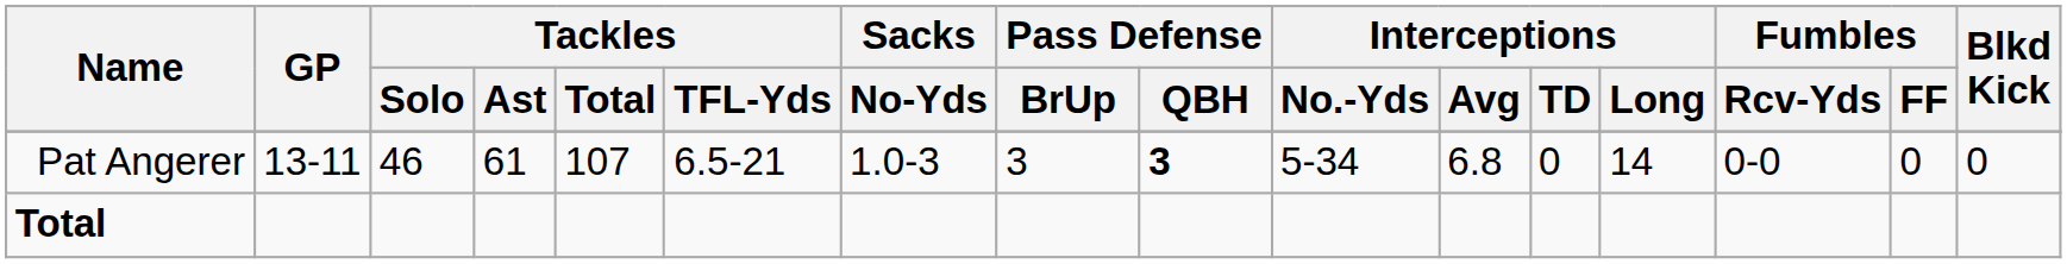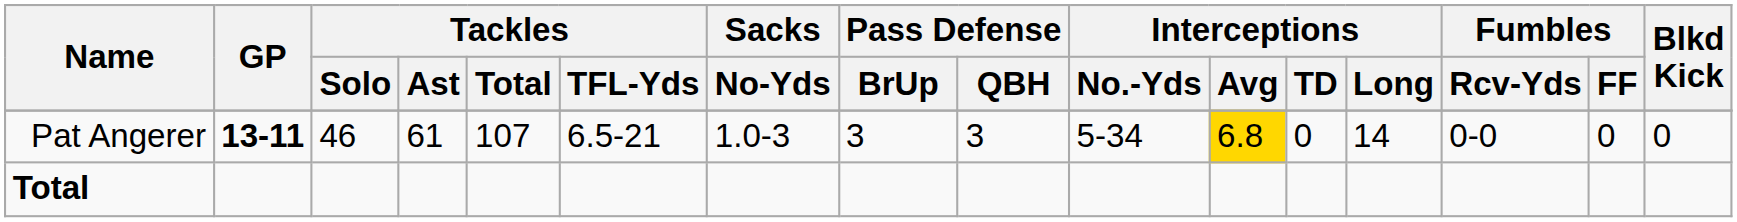 <table class="wikitable" style="white-space:nowrap;">
 <tr>
 <th rowspan="2">Name</th>
 <th rowspan="2">GP</th>
 <th colspan="4">Tackles</th>
 <th>Sacks</th>
 <th colspan="2">Pass Defense</th>
 <th colspan="4">Interceptions</th>
 <th colspan="2">Fumbles</th>
 <th rowspan="2">Blkd<br>Kick</th>
 </tr>
 <tr>
 <th>Solo</th>
 <th>Ast</th>
 <th>Total</th>
 <th>TFL-Yds</th>
 <th>No-Yds</th>
 <th>BrUp</th>
 <th>QBH</th>
 <th>No.-Yds</th>
 <th>Avg</th>
 <th>TD</th>
 <th>Long</th>
 <th>Rcv-Yds</th>
 <th>FF</th>
 </tr>
 <tr>
 </tr>
 <tr>
 <td>  Pat Angerer</td>
-<td>13-11</td>
+<td><strong>13-11</strong></td>
 <td>46</td>
 <td>61</td>
 <td>107</td>
 <td>6.5-21</td>
 <td>1.0-3</td>
 <td>3</td>
-<td><strong>3</strong></td>
+<td>3</td>
 <td>5-34</td>
-<td>6.8</td>
+<td style="background: gold;">6.8</td>
 <td>0</td>
 <td>14</td>
 <td>0-0</td>
 <td>0</td>
 <td>0</td>
 </tr>
 <tr>
 <td><strong>Total</strong></td>
 <td></td>
 <td></td>
 <td></td>
 <td></td>
 <td></td>
 <td></td>
 <td></td>
 <td></td>
 <td></td>
 <td></td>
 <td></td>
 <td></td>
 <td></td>
 <td></td>
 <td></td>
 </tr>
 </table>
